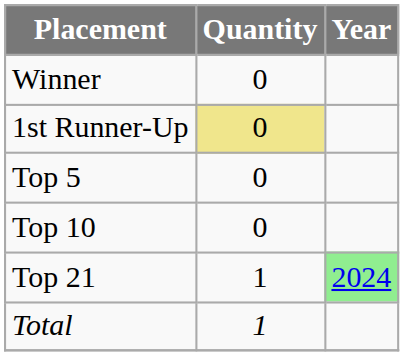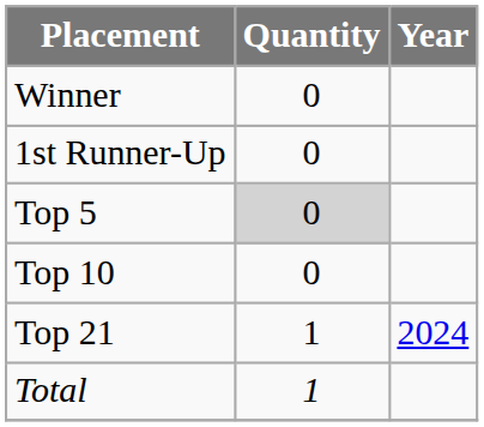 <table class="wikitable"style="font-size: 90%;">
 <tr>
 <th style="background-color:#787878;color:#FFFFFF;">Placement</th>
 <th style="background-color:#787878;color:#FFFFFF;">Quantity</th>
 <th style="background-color:#787878;color:#FFFFFF;">Year</th>
 </tr>
 <tr>
 <td>Winner</td>
 <td style="text-align:center;">0</td>
 <td></td>
 </tr>
 <tr>
 <td>1st Runner-Up</td>
-<td style="background: khaki; text-align:center;">0</td>
+<td style="text-align:center;">0</td>
 <td></td>
 </tr>
 <tr>
 <td>Top 5</td>
-<td style="text-align:center;">0</td>
+<td style="background: lightgrey; text-align:center;">0</td>
 <td></td>
 </tr>
 <tr>
 <td>Top 10</td>
 <td style="text-align:center;">0</td>
 <td></td>
 </tr>
 <tr>
 <td>Top 21</td>
 <td style="text-align:center;">1</td>
-<td style="background: lightgreen;"><a href='#'>2024</a></td>
+<td><a href='#'>2024</a></td>
 </tr>
 <tr>
 <td><em>Total</em></td>
 <td style="text-align:center;"><em>1</em></td>
 <td></td>
 </tr>
 <tr>
 </tr>
 </table>
